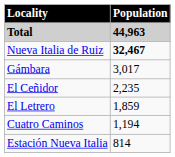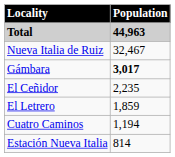 <table class="wikitable">
 <tr style="background:#000000; color:#FFFFFF;">
 <td><strong>Locality</strong></td>
 <td><strong>Population</strong></td>
 </tr>
 <tr style="background:#CFCFCF;">
 <td><strong>Total</strong></td>
 <td><strong>44,963</strong></td>
 </tr>
 <tr>
 <td><a href='#'>Nueva Italia de Ruiz</a></td>
-<td><strong>32,467</strong></td>
+<td>32,467</td>
 </tr>
 <tr>
 <td><a href='#'>Gámbara</a></td>
-<td>3,017</td>
+<td><strong>3,017</strong></td>
 </tr>
 <tr>
 <td><a href='#'>El Ceñidor</a></td>
 <td>2,235</td>
 </tr>
 <tr>
 <td><a href='#'>El Letrero</a></td>
 <td>1,859</td>
 </tr>
 <tr>
 <td><a href='#'>Cuatro Caminos</a></td>
 <td>1,194</td>
 </tr>
 <tr>
 <td><a href='#'>Estación Nueva Italia</a></td>
 <td>814</td>
 </tr>
 </table>
